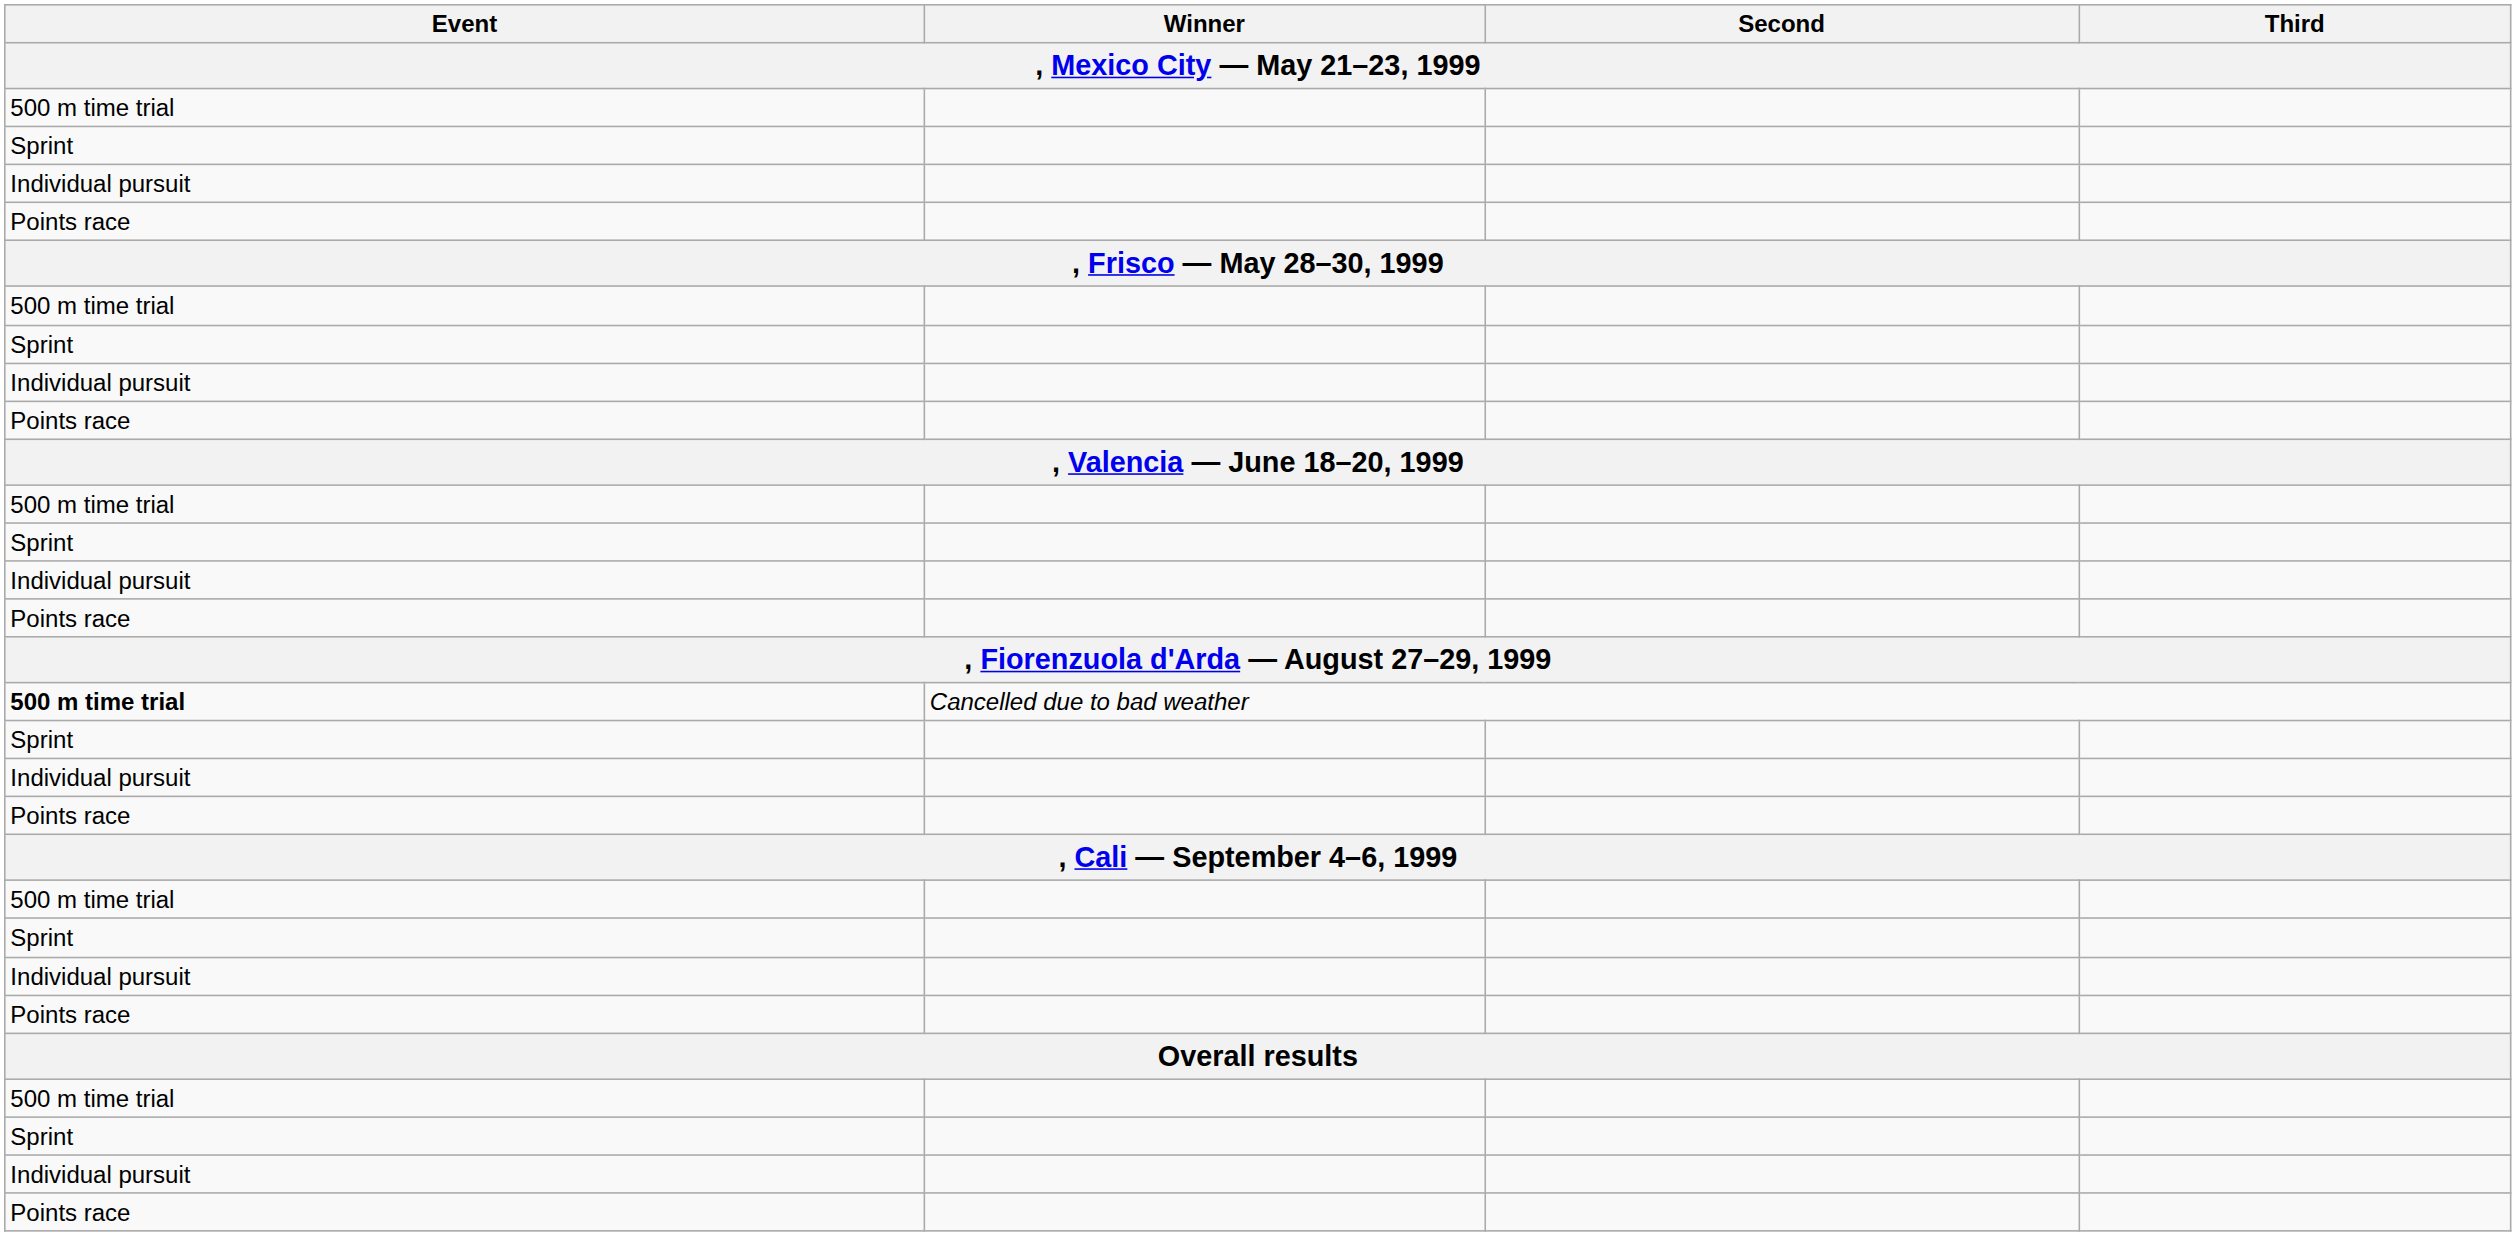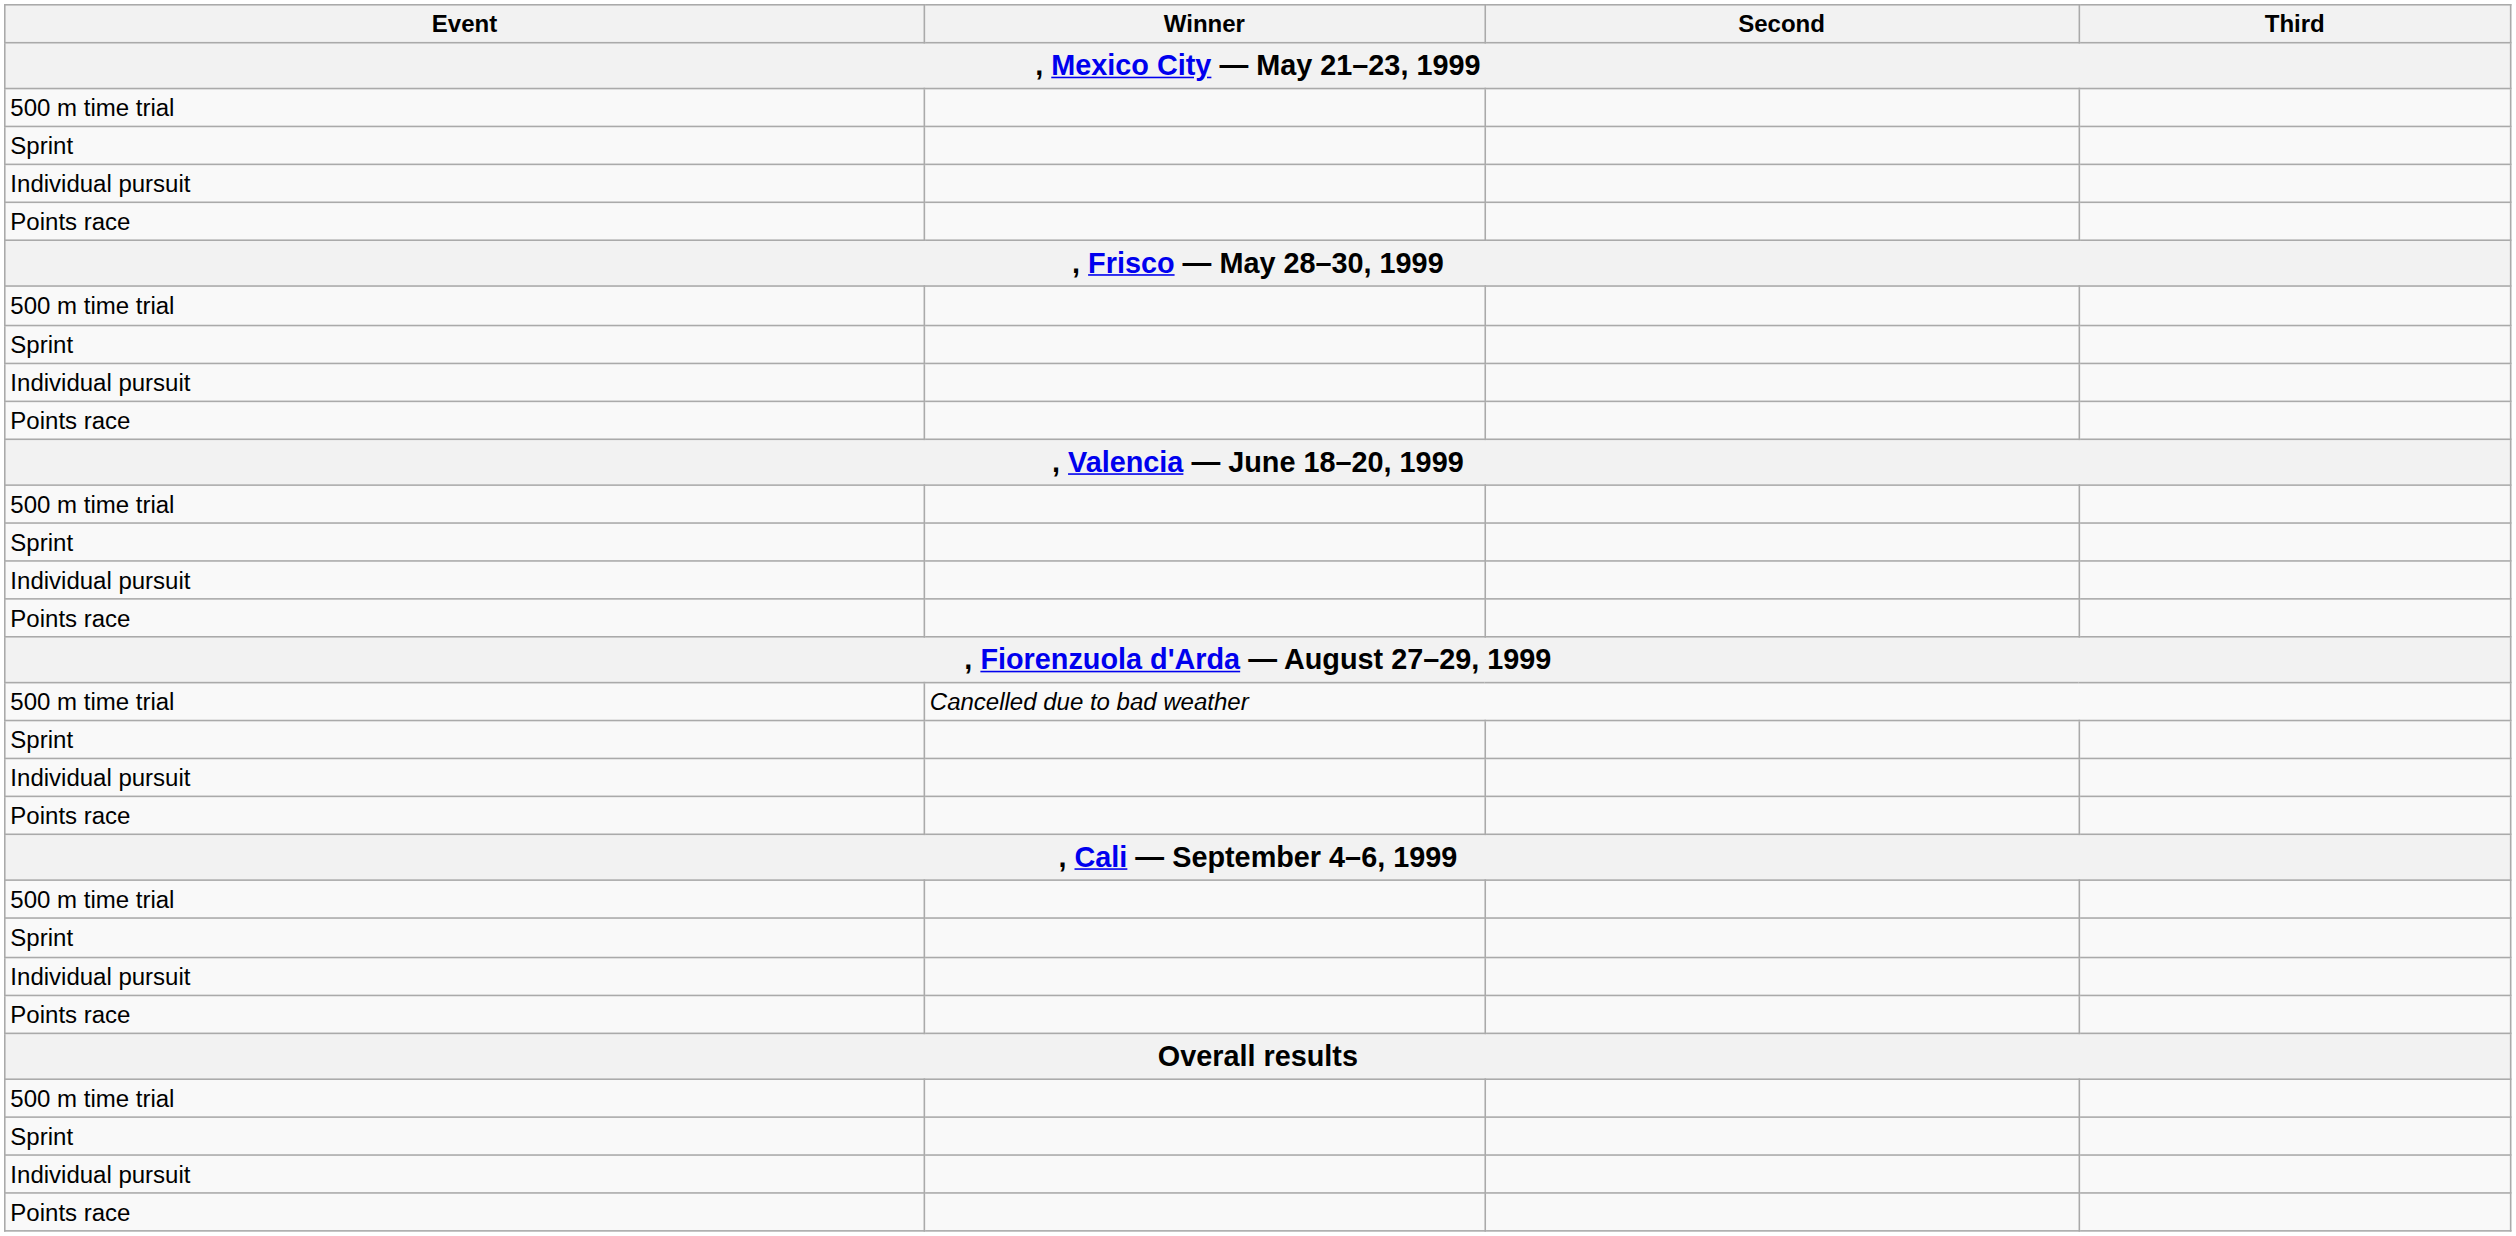 <table class=wikitable style="font-size:95%" width="80%">
 <tr>
 <th>Event</th>
 <th>Winner</th>
 <th>Second</th>
 <th>Third</th>
 </tr>
 <tr>
 <th colspan=4><big>, <a href='#'>Mexico City</a> — May 21–23, 1999</big></th>
 </tr>
 <tr>
 <td>500 m time trial</td>
 <td></td>
 <td></td>
 <td></td>
 </tr>
 <tr>
 <td>Sprint</td>
 <td></td>
 <td></td>
 <td></td>
 </tr>
 <tr>
 <td>Individual pursuit</td>
 <td></td>
 <td></td>
 <td></td>
 </tr>
 <tr>
 <td>Points race</td>
 <td></td>
 <td></td>
 <td></td>
 </tr>
 <tr>
 <th colspan=4><big>, <a href='#'>Frisco</a> — May 28–30, 1999</big></th>
 </tr>
 <tr>
 <td>500 m time trial</td>
 <td></td>
 <td></td>
 <td></td>
 </tr>
 <tr>
 <td>Sprint</td>
 <td></td>
 <td></td>
 <td></td>
 </tr>
 <tr>
 <td>Individual pursuit</td>
 <td></td>
 <td></td>
 <td></td>
 </tr>
 <tr>
 <td>Points race</td>
 <td></td>
 <td></td>
 <td></td>
 </tr>
 <tr>
 <th colspan=4><big>, <a href='#'>Valencia</a> — June 18–20, 1999</big></th>
 </tr>
 <tr>
 <td>500 m time trial</td>
 <td></td>
 <td></td>
 <td></td>
 </tr>
 <tr>
 <td>Sprint</td>
 <td></td>
 <td></td>
 <td></td>
 </tr>
 <tr>
 <td>Individual pursuit</td>
 <td></td>
 <td></td>
 <td></td>
 </tr>
 <tr>
 <td>Points race</td>
 <td></td>
 <td></td>
 <td></td>
 </tr>
 <tr>
 <th colspan=4><big>, <a href='#'>Fiorenzuola d'Arda</a> — August 27–29, 1999</big></th>
 </tr>
 <tr>
-<td><strong>500 m time trial</strong></td>
+<td>500 m time trial</td>
 <td colspan="3"><em>Cancelled due to bad weather</em></td>
 </tr>
 <tr>
 <td>Sprint</td>
 <td></td>
 <td></td>
 <td></td>
 </tr>
 <tr>
 <td>Individual pursuit</td>
 <td></td>
 <td></td>
 <td></td>
 </tr>
 <tr>
 <td>Points race</td>
 <td></td>
 <td></td>
 <td></td>
 </tr>
 <tr>
 <th colspan=4><big>, <a href='#'>Cali</a> — September 4–6, 1999</big></th>
 </tr>
 <tr>
 <td>500 m time trial</td>
 <td></td>
 <td></td>
 <td></td>
 </tr>
 <tr>
 <td>Sprint</td>
 <td></td>
 <td></td>
 <td></td>
 </tr>
 <tr>
 <td>Individual pursuit</td>
 <td></td>
 <td></td>
 <td></td>
 </tr>
 <tr>
 <td>Points race</td>
 <td></td>
 <td></td>
 <td></td>
 </tr>
 <tr>
 <th colspan=4><big>Overall results</big></th>
 </tr>
 <tr>
 <td>500 m time trial</td>
 <td></td>
 <td></td>
 <td></td>
 </tr>
 <tr>
 <td>Sprint</td>
 <td></td>
 <td></td>
 <td></td>
 </tr>
 <tr>
 <td>Individual pursuit</td>
 <td></td>
 <td></td>
 <td></td>
 </tr>
 <tr>
 <td>Points race</td>
 <td></td>
 <td></td>
 <td></td>
 </tr>
 </table>
